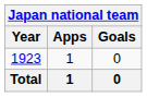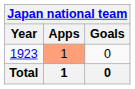 <table class="wikitable" style="text-align:center">
 <tr>
 <th colspan=3><a href='#'>Japan national team</a></th>
 </tr>
 <tr>
 <th>Year</th>
 <th>Apps</th>
 <th>Goals</th>
 </tr>
 <tr>
 <td><a href='#'>1923</a></td>
-<td>1</td>
+<td style="background: lightsalmon;">1</td>
 <td>0</td>
 </tr>
 <tr>
 <th>Total</th>
 <th>1</th>
 <th>0</th>
 </tr>
 </table>
